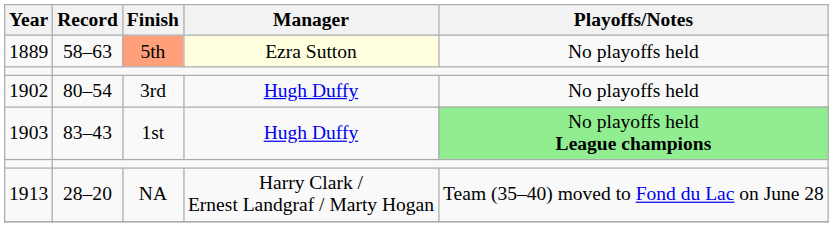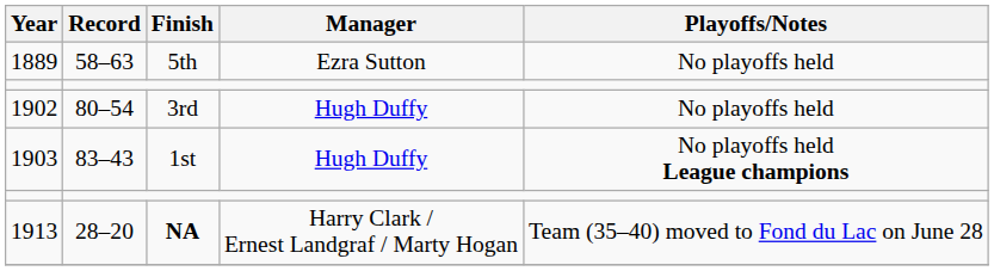 <table class="wikitable" style="text-align:center">
 <tr>
 <th>Year</th>
 <th>Record</th>
 <th>Finish</th>
 <th>Manager</th>
 <th>Playoffs/Notes</th>
 </tr>
 <tr align=center>
 <td>1889</td>
 <td>58–63</td>
-<td style="background: lightsalmon;">5th</td>
-<td style="background: lightyellow;">Ezra Sutton</td>
+<td>5th</td>
+<td>Ezra Sutton</td>
 <td>No playoffs held</td>
 </tr>
 <tr - align=center>
 <td></td>
 </tr>
 <tr align=center>
 <td>1902</td>
 <td>80–54</td>
 <td>3rd</td>
 <td><a href='#'>Hugh Duffy</a></td>
 <td>No playoffs held</td>
 </tr>
 <tr align=center>
 <td>1903</td>
 <td>83–43</td>
 <td>1st</td>
 <td><a href='#'>Hugh Duffy</a></td>
-<td style="background: lightgreen;">No playoffs held<br><strong>League champions</strong></td>
+<td>No playoffs held<br><strong>League champions</strong></td>
 </tr>
 <tr align=center>
 <td></td>
 </tr>
 <tr align=center>
 <td>1913</td>
 <td>28–20</td>
-<td>NA</td>
+<td><strong>NA</strong></td>
 <td>Harry Clark /<br> Ernest Landgraf / Marty Hogan</td>
 <td>Team (35–40) moved to <a href='#'>Fond du Lac</a> on June 28</td>
 </tr>
 <tr align=center>
 </tr>
 </table>
